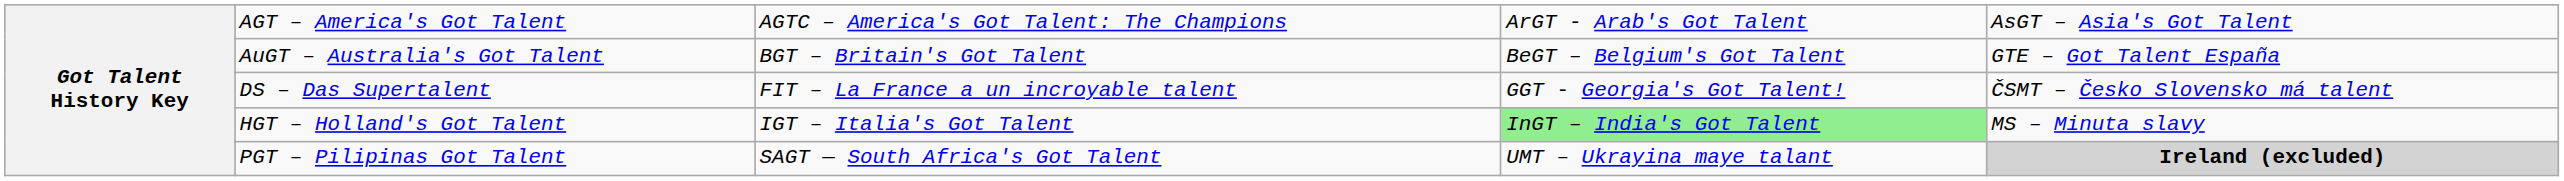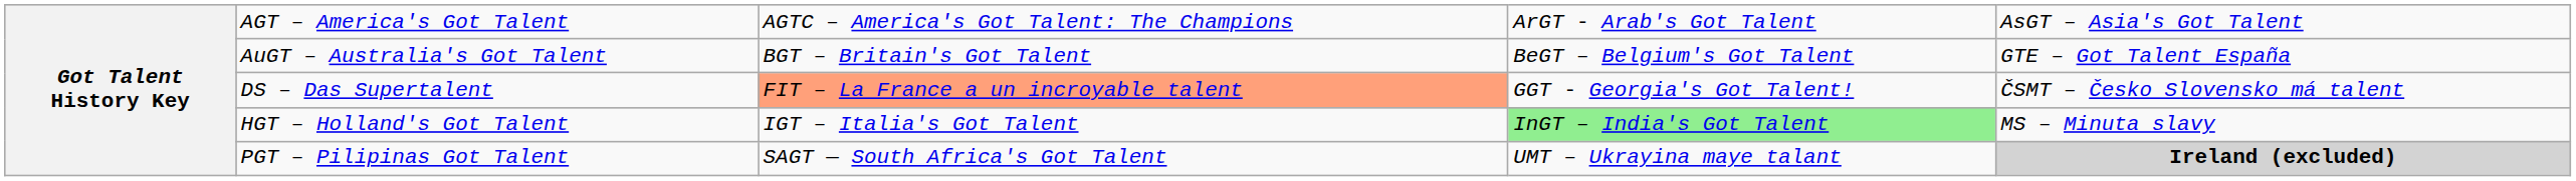 <table class="wikitable" style="width:80%;" (Amend this table's Key for International versions if there are any involved not mentioned or any not involved in this spin-off)>
 <tr>
 <th rowspan="9" style="width:9%;"><em>Got Talent</em> History Key</th>
 <td><em>AGT</em> – <em><a href='#'>America's Got Talent</a></em></td>
 <td><em>AGTC</em> – <em><a href='#'>America's Got Talent: The Champions</a></em></td>
 <td><em>ArGT</em> - <em><a href='#'>Arab's Got Talent</a></em></td>
 <td><em>AsGT</em> – <em><a href='#'>Asia's Got Talent</a></em></td>
 </tr>
 <tr>
 <td><em>AuGT</em> – <em><a href='#'>Australia's Got Talent</a></em></td>
 <td><em>BGT</em> – <em><a href='#'>Britain's Got Talent</a></em></td>
 <td><em>BeGT</em> – <em><a href='#'>Belgium's Got Talent</a></em></td>
 <td><em>GTE</em> – <em><a href='#'>Got Talent España</a></em></td>
 </tr>
 <tr>
 <td><em>DS</em> – <em><a href='#'>Das Supertalent</a></em></td>
-<td><em>FIT</em> – <em><a href='#'>La France a un incroyable talent</a></em></td>
+<td style="background: lightsalmon;"><em>FIT</em> – <em><a href='#'>La France a un incroyable talent</a></em></td>
 <td><em>GGT</em> - <em><a href='#'>Georgia's Got Talent!</a></em></td>
 <td><em>ČSMT</em> – <em><a href='#'>Česko Slovensko má talent</a></em></td>
 </tr>
 <tr>
 <td><em>HGT</em> – <em><a href='#'>Holland's Got Talent</a></em></td>
 <td><em>IGT</em> – <em><a href='#'>Italia's Got Talent</a></em></td>
 <td style="background: lightgreen;"><em>InGT</em> – <em><a href='#'>India's Got Talent</a></em></td>
 <td><em>MS</em> – <em><a href='#'>Minuta slavy</a></em></td>
 </tr>
 <tr>
 <td><em>PGT</em> – <em><a href='#'>Pilipinas Got Talent</a></em></td>
 <td><em>SAGT</em> — <em><a href='#'>South Africa's Got Talent</a></em></td>
 <td><em>UMT</em> – <em><a href='#'>Ukrayina maye talant</a></em></td>
 <th style="background:lightgray;">Ireland (excluded)</th>
 </tr>
 </table>
